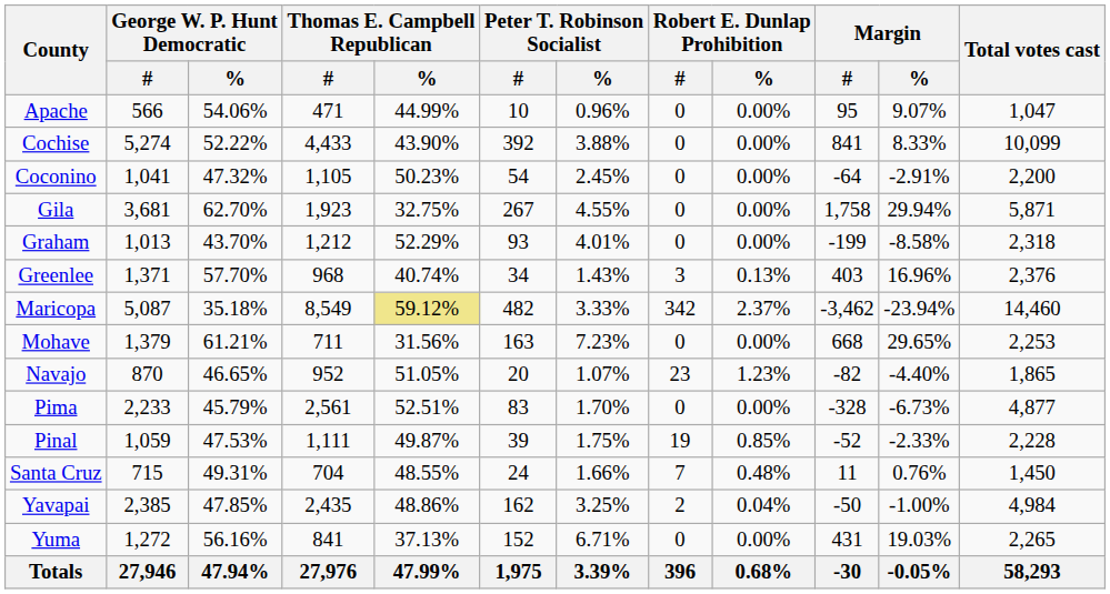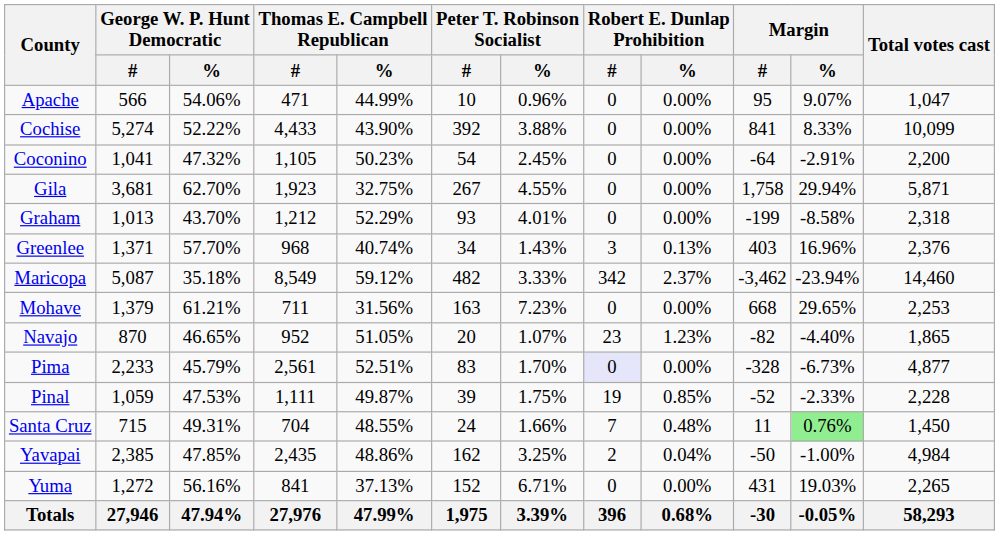 <table class="wikitable sortable" style="text-align:center">
 <tr>
 <th rowspan="2">County</th>
 <th style="text-align:center;" colspan="2">George W. P. Hunt<br>Democratic</th>
 <th style="text-align:center;" colspan="2">Thomas E. Campbell<br>Republican</th>
 <th style="text-align:center;" colspan="2">Peter T. Robinson<br>Socialist</th>
 <th style="text-align:center;" colspan="2">Robert E. Dunlap<br>Prohibition</th>
 <th style="text-align:center;" colspan="2">Margin</th>
 <th style="text-align:center;" rowspan="2">Total votes cast</th>
 </tr>
 <tr>
 <th style="text-align:center;" data-sort-type="number">#</th>
 <th style="text-align:center;" data-sort-type="number">%</th>
 <th style="text-align:center;" data-sort-type="number">#</th>
 <th style="text-align:center;" data-sort-type="number">%</th>
 <th style="text-align:center;" data-sort-type="number">#</th>
 <th style="text-align:center;" data-sort-type="number">%</th>
 <th style="text-align:center;" data-sort-type="number">#</th>
 <th style="text-align:center;" data-sort-type="number">%</th>
 <th style="text-align:center;" data-sort-type="number">#</th>
 <th style="text-align:center;" data-sort-type="number">%</th>
 </tr>
 <tr style="text-align:center;">
 <td><a href='#'>Apache</a></td>
 <td>566</td>
 <td>54.06%</td>
 <td>471</td>
 <td>44.99%</td>
 <td>10</td>
 <td>0.96%</td>
 <td>0</td>
 <td>0.00%</td>
 <td>95</td>
 <td>9.07%</td>
 <td>1,047</td>
 </tr>
 <tr style="text-align:center;">
 <td><a href='#'>Cochise</a></td>
 <td>5,274</td>
 <td>52.22%</td>
 <td>4,433</td>
 <td>43.90%</td>
 <td>392</td>
 <td>3.88%</td>
 <td>0</td>
 <td>0.00%</td>
 <td>841</td>
 <td>8.33%</td>
 <td>10,099</td>
 </tr>
 <tr style="text-align:center;">
 <td><a href='#'>Coconino</a></td>
 <td>1,041</td>
 <td>47.32%</td>
 <td>1,105</td>
 <td>50.23%</td>
 <td>54</td>
 <td>2.45%</td>
 <td>0</td>
 <td>0.00%</td>
 <td>-64</td>
 <td>-2.91%</td>
 <td>2,200</td>
 </tr>
 <tr style="text-align:center;">
 <td><a href='#'>Gila</a></td>
 <td>3,681</td>
 <td>62.70%</td>
 <td>1,923</td>
 <td>32.75%</td>
 <td>267</td>
 <td>4.55%</td>
 <td>0</td>
 <td>0.00%</td>
 <td>1,758</td>
 <td>29.94%</td>
 <td>5,871</td>
 </tr>
 <tr style="text-align:center;">
 <td><a href='#'>Graham</a></td>
 <td>1,013</td>
 <td>43.70%</td>
 <td>1,212</td>
 <td>52.29%</td>
 <td>93</td>
 <td>4.01%</td>
 <td>0</td>
 <td>0.00%</td>
 <td>-199</td>
 <td>-8.58%</td>
 <td>2,318</td>
 </tr>
 <tr style="text-align:center;">
 <td><a href='#'>Greenlee</a></td>
 <td>1,371</td>
 <td>57.70%</td>
 <td>968</td>
 <td>40.74%</td>
 <td>34</td>
 <td>1.43%</td>
 <td>3</td>
 <td>0.13%</td>
 <td>403</td>
 <td>16.96%</td>
 <td>2,376</td>
 </tr>
 <tr style="text-align:center;">
 <td><a href='#'>Maricopa</a></td>
 <td>5,087</td>
 <td>35.18%</td>
 <td>8,549</td>
-<td style="background: khaki;">59.12%</td>
+<td>59.12%</td>
 <td>482</td>
 <td>3.33%</td>
 <td>342</td>
 <td>2.37%</td>
 <td>-3,462</td>
 <td>-23.94%</td>
 <td>14,460</td>
 </tr>
 <tr style="text-align:center;">
 <td><a href='#'>Mohave</a></td>
 <td>1,379</td>
 <td>61.21%</td>
 <td>711</td>
 <td>31.56%</td>
 <td>163</td>
 <td>7.23%</td>
 <td>0</td>
 <td>0.00%</td>
 <td>668</td>
 <td>29.65%</td>
 <td>2,253</td>
 </tr>
 <tr style="text-align:center;">
 <td><a href='#'>Navajo</a></td>
 <td>870</td>
 <td>46.65%</td>
 <td>952</td>
 <td>51.05%</td>
 <td>20</td>
 <td>1.07%</td>
 <td>23</td>
 <td>1.23%</td>
 <td>-82</td>
 <td>-4.40%</td>
 <td>1,865</td>
 </tr>
 <tr style="text-align:center;">
 <td><a href='#'>Pima</a></td>
 <td>2,233</td>
 <td>45.79%</td>
 <td>2,561</td>
 <td>52.51%</td>
 <td>83</td>
 <td>1.70%</td>
-<td>0</td>
+<td style="background: lavender;">0</td>
 <td>0.00%</td>
 <td>-328</td>
 <td>-6.73%</td>
 <td>4,877</td>
 </tr>
 <tr style="text-align:center;">
 <td><a href='#'>Pinal</a></td>
 <td>1,059</td>
 <td>47.53%</td>
 <td>1,111</td>
 <td>49.87%</td>
 <td>39</td>
 <td>1.75%</td>
 <td>19</td>
 <td>0.85%</td>
 <td>-52</td>
 <td>-2.33%</td>
 <td>2,228</td>
 </tr>
 <tr style="text-align:center;">
 <td><a href='#'>Santa Cruz</a></td>
 <td>715</td>
 <td>49.31%</td>
 <td>704</td>
 <td>48.55%</td>
 <td>24</td>
 <td>1.66%</td>
 <td>7</td>
 <td>0.48%</td>
 <td>11</td>
-<td>0.76%</td>
+<td style="background: lightgreen;">0.76%</td>
 <td>1,450</td>
 </tr>
 <tr style="text-align:center;">
 <td><a href='#'>Yavapai</a></td>
 <td>2,385</td>
 <td>47.85%</td>
 <td>2,435</td>
 <td>48.86%</td>
 <td>162</td>
 <td>3.25%</td>
 <td>2</td>
 <td>0.04%</td>
 <td>-50</td>
 <td>-1.00%</td>
 <td>4,984</td>
 </tr>
 <tr style="text-align:center;">
 <td><a href='#'>Yuma</a></td>
 <td>1,272</td>
 <td>56.16%</td>
 <td>841</td>
 <td>37.13%</td>
 <td>152</td>
 <td>6.71%</td>
 <td>0</td>
 <td>0.00%</td>
 <td>431</td>
 <td>19.03%</td>
 <td>2,265</td>
 </tr>
 <tr style="text-align:center;">
 <th>Totals</th>
 <th>27,946</th>
 <th>47.94%</th>
 <th>27,976</th>
 <th>47.99%</th>
 <th>1,975</th>
 <th>3.39%</th>
 <th>396</th>
 <th>0.68%</th>
 <th>-30</th>
 <th>-0.05%</th>
 <th>58,293</th>
 </tr>
 </table>
